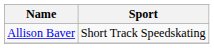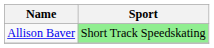 <table class="wikitable">
 <tr>
 <th>Name</th>
 <th>Sport</th>
 </tr>
 <tr>
 <td> <a href='#'>Allison Baver</a></td>
-<td>Short Track Speedskating</td>
+<td style="background: lightgreen;">Short Track Speedskating</td>
 </tr>
 <tr>
 </tr>
 </table>
